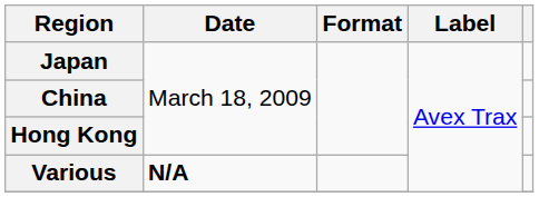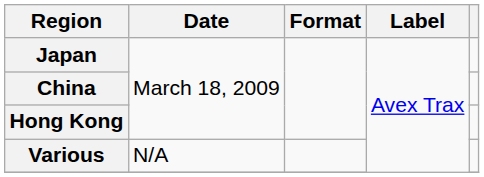 <table class="wikitable plainrowheaders">
 <tr>
 <th scope="col">Region</th>
 <th scope="col">Date</th>
 <th scope="col">Format</th>
 <th scope="col">Label</th>
 <th scope="col"></th>
 </tr>
 <tr>
 <th scope="row">Japan</th>
 <td rowspan="3">March 18, 2009</td>
 <td rowspan="3"></td>
 <td rowspan="5"><a href='#'>Avex Trax</a></td>
 <td></td>
 </tr>
 <tr>
 <th scope="row">China</th>
 <td></td>
 </tr>
 <tr>
 <th scope="row">Hong Kong</th>
 <td></td>
 </tr>
 <tr>
 <th scope="row">Various</th>
-<td><strong>N/A</strong></td>
+<td>N/A</td>
 <td></td>
 <td></td>
 </tr>
 <tr>
 </tr>
 </table>
